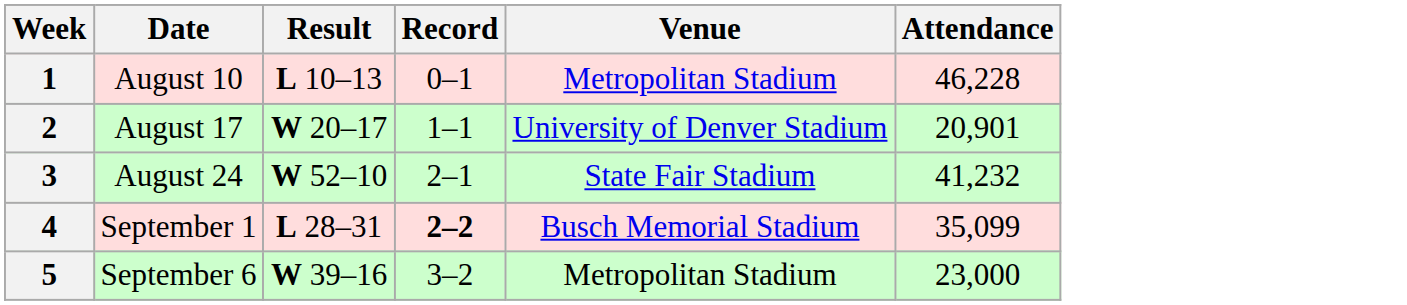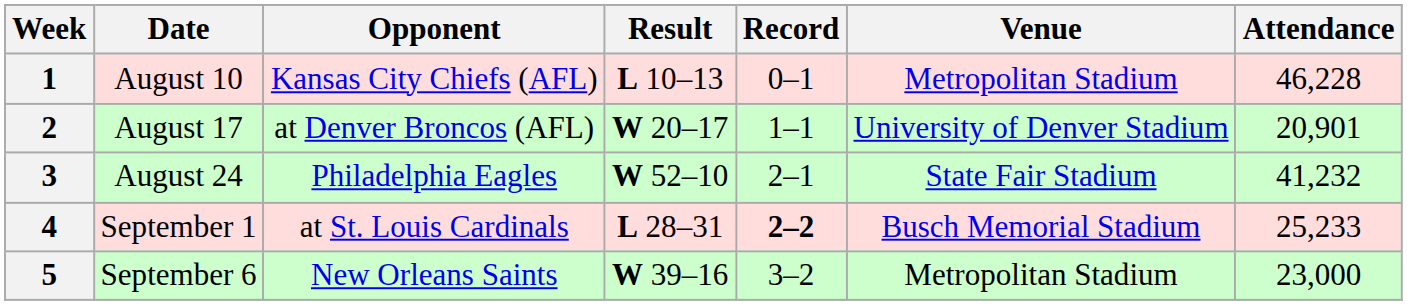 <table class="wikitable" style="text-align:center">
 <tr>
 <th>Week</th>
 <th>Date</th>
+<th>Opponent</th>
 <th>Result</th>
 <th>Record</th>
 <th>Venue</th>
 <th>Attendance</th>
 </tr>
 <tr style="background:#ffdddd">
 <th>1</th>
 <td>August 10</td>
+<td><a href='#'>Kansas City Chiefs</a> (<a href='#'>AFL</a>)</td>
 <td><strong>L</strong> 10–13</td>
 <td>0–1</td>
 <td><a href='#'>Metropolitan Stadium</a></td>
 <td>46,228</td>
 </tr>
 <tr style="background:#cfc">
 <th>2</th>
 <td>August 17</td>
+<td>at <a href='#'>Denver Broncos</a> (AFL)</td>
 <td><strong>W</strong> 20–17</td>
 <td>1–1</td>
 <td><a href='#'>University of Denver Stadium</a></td>
 <td>20,901</td>
 </tr>
 <tr style="background:#cfc">
 <th>3</th>
 <td>August 24</td>
+<td><a href='#'>Philadelphia Eagles</a></td>
 <td><strong>W</strong> 52–10</td>
 <td>2–1</td>
 <td><a href='#'>State Fair Stadium</a> </td>
 <td>41,232</td>
 </tr>
 <tr style="background:#ffdddd">
 <th>4</th>
 <td>September 1</td>
+<td>at <a href='#'>St. Louis Cardinals</a></td>
 <td><strong>L</strong> 28–31</td>
 <td><strong>2–2</strong></td>
 <td><a href='#'>Busch Memorial Stadium</a></td>
-<td>35,099</td>
+<td>25,233</td>
 </tr>
 <tr style="background:#cfc">
 <th>5</th>
 <td>September 6</td>
+<td><a href='#'>New Orleans Saints</a></td>
 <td><strong>W</strong> 39–16</td>
 <td>3–2</td>
 <td>Metropolitan Stadium</td>
 <td>23,000</td>
 </tr>
 </table>
